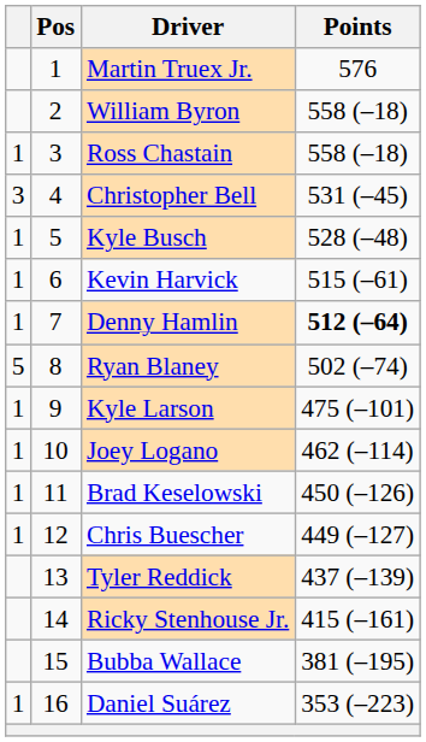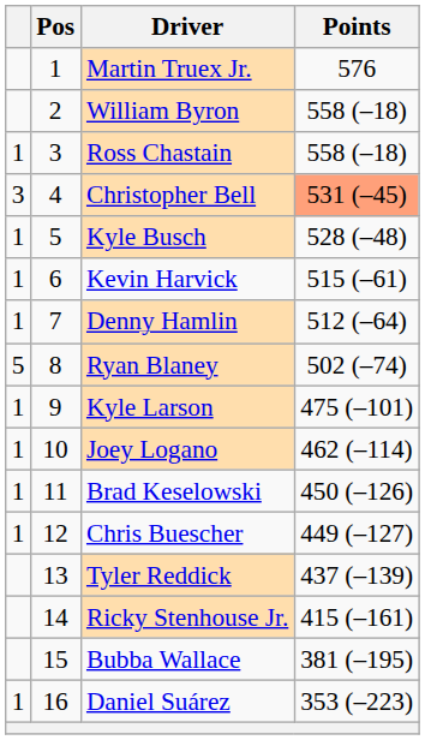 <table class="wikitable" style="font-size: 95%;">
 <tr>
 <th></th>
 <th>Pos</th>
 <th>Driver</th>
 <th>Points</th>
 </tr>
 <tr>
 <td align="left"></td>
 <td style="text-align:center;">1</td>
 <td style="background:#FFDEAD;"><a href='#'>Martin Truex Jr.</a></td>
 <td style="text-align:center;">576</td>
 </tr>
 <tr>
 <td align="left"></td>
 <td style="text-align:center;">2</td>
 <td style="background:#FFDEAD;"><a href='#'>William Byron</a></td>
 <td style="text-align:center;">558 (–18)</td>
 </tr>
 <tr>
 <td align="left"> 1</td>
 <td style="text-align:center;">3</td>
 <td style="background:#FFDEAD;"><a href='#'>Ross Chastain</a></td>
 <td style="text-align:center;">558 (–18)</td>
 </tr>
 <tr>
 <td align="left"> 3</td>
 <td style="text-align:center;">4</td>
 <td style="background:#FFDEAD;"><a href='#'>Christopher Bell</a></td>
-<td style="text-align:center;">531 (–45)</td>
+<td style="background: lightsalmon; text-align:center;">531 (–45)</td>
 </tr>
 <tr>
 <td align="left"> 1</td>
 <td style="text-align:center;">5</td>
 <td style="background:#FFDEAD;"><a href='#'>Kyle Busch</a></td>
 <td style="text-align:center;">528 (–48)</td>
 </tr>
 <tr>
 <td align="left"> 1</td>
 <td style="text-align:center;">6</td>
 <td><a href='#'>Kevin Harvick</a></td>
 <td style="text-align:center;">515 (–61)</td>
 </tr>
 <tr>
 <td align="left"> 1</td>
 <td style="text-align:center;">7</td>
 <td style="background:#FFDEAD;"><a href='#'>Denny Hamlin</a></td>
-<td style="text-align:center;"><strong>512 (–64)</strong></td>
+<td style="text-align:center;">512 (–64)</td>
 </tr>
 <tr>
 <td align="left"> 5</td>
 <td style="text-align:center;">8</td>
 <td style="background:#FFDEAD;"><a href='#'>Ryan Blaney</a></td>
 <td style="text-align:center;">502 (–74)</td>
 </tr>
 <tr>
 <td align="left"> 1</td>
 <td style="text-align:center;">9</td>
 <td style="background:#FFDEAD;"><a href='#'>Kyle Larson</a></td>
 <td style="text-align:center;">475 (–101)</td>
 </tr>
 <tr>
 <td align="left"> 1</td>
 <td style="text-align:center;">10</td>
 <td style="background:#FFDEAD;"><a href='#'>Joey Logano</a></td>
 <td style="text-align:center;">462 (–114)</td>
 </tr>
 <tr>
 <td align="left"> 1</td>
 <td style="text-align:center;">11</td>
 <td><a href='#'>Brad Keselowski</a></td>
 <td style="text-align:center;">450 (–126)</td>
 </tr>
 <tr>
 <td align="left"> 1</td>
 <td style="text-align:center;">12</td>
 <td><a href='#'>Chris Buescher</a></td>
 <td style="text-align:center;">449 (–127)</td>
 </tr>
 <tr>
 <td align="left"></td>
 <td style="text-align:center;">13</td>
 <td style="background:#FFDEAD;"><a href='#'>Tyler Reddick</a></td>
 <td style="text-align:center;">437 (–139)</td>
 </tr>
 <tr>
 <td align="left"></td>
 <td style="text-align:center;">14</td>
 <td style="background:#FFDEAD;"><a href='#'>Ricky Stenhouse Jr.</a></td>
 <td style="text-align:center;">415 (–161)</td>
 </tr>
 <tr>
 <td align="left"></td>
 <td style="text-align:center;">15</td>
 <td><a href='#'>Bubba Wallace</a></td>
 <td style="text-align:center;">381 (–195)</td>
 </tr>
 <tr>
 <td align="left"> 1</td>
 <td style="text-align:center;">16</td>
 <td><a href='#'>Daniel Suárez</a></td>
 <td style="text-align:center;">353 (–223)</td>
 </tr>
 <tr class="sortbottom">
 <th colspan="9"></th>
 </tr>
 </table>
